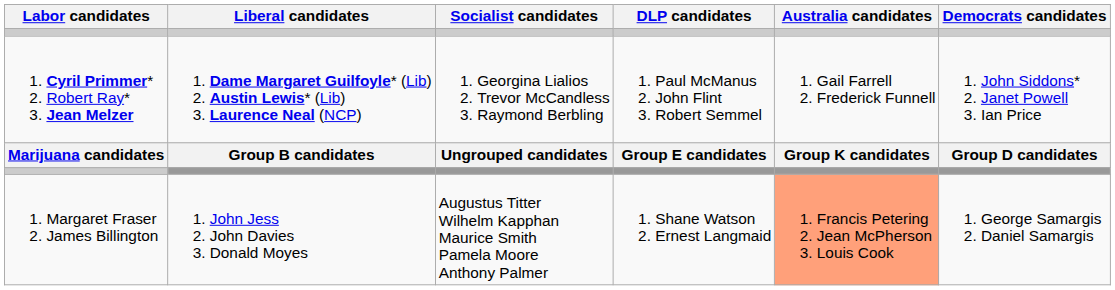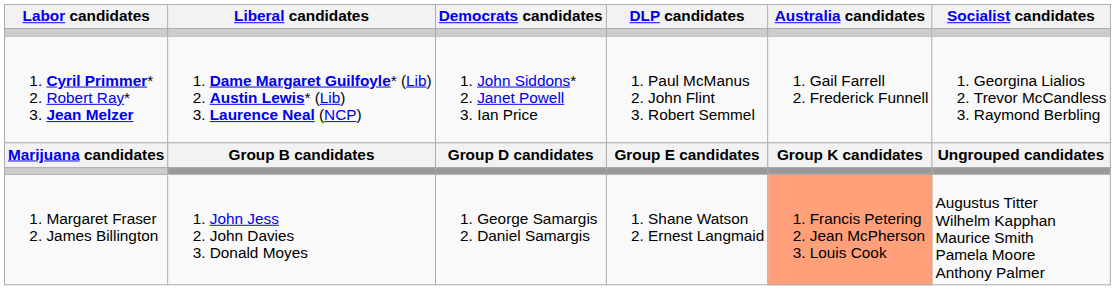 <table class="wikitable">
 <tr>
 <th><a href='#'>Labor</a> candidates</th>
 <th><a href='#'>Liberal</a> candidates</th>
-<th><a href='#'>Socialist</a> candidates</th>
+<th><a href='#'>Democrats</a> candidates</th>
 <th><a href='#'>DLP</a> candidates</th>
 <th><a href='#'>Australia</a> candidates</th>
-<th><a href='#'>Democrats</a> candidates</th>
+<th><a href='#'>Socialist</a> candidates</th>
 </tr>
 <tr bgcolor="#cccccc">
 <td></td>
 <td></td>
 <td></td>
 <td></td>
 <td></td>
 <td></td>
 </tr>
 <tr>
 <td><br><ol><li><strong><a href='#'>Cyril Primmer</a></strong>*</li><li><a href='#'>Robert Ray</a>*</li><li><strong><a href='#'>Jean Melzer</a></strong></li></ol></td>
 <td><br><ol><li><strong><a href='#'>Dame Margaret Guilfoyle</a></strong>* (<a href='#'>Lib</a>)</li><li><strong><a href='#'>Austin Lewis</a></strong>* (<a href='#'>Lib</a>)</li><li><strong><a href='#'>Laurence Neal</a></strong> (<a href='#'>NCP</a>)</li></ol></td>
-<td valign=top><br><ol><li>Georgina Lialios</li><li>Trevor McCandless</li><li>Raymond Berbling</li></ol></td>
+<td><br><ol><li><a href='#'>John Siddons</a>*</li><li><a href='#'>Janet Powell</a></li><li>Ian Price</li></ol></td>
 <td valign=top><br><ol><li>Paul McManus</li><li>John Flint</li><li>Robert Semmel</li></ol></td>
 <td valign=top><br><ol><li>Gail Farrell</li><li>Frederick Funnell</li></ol></td>
-<td><br><ol><li><a href='#'>John Siddons</a>*</li><li><a href='#'>Janet Powell</a></li><li>Ian Price</li></ol></td>
+<td valign=top><br><ol><li>Georgina Lialios</li><li>Trevor McCandless</li><li>Raymond Berbling</li></ol></td>
 </tr>
 <tr bgcolor="#cccccc">
 <th><a href='#'>Marijuana</a> candidates</th>
 <th>Group B candidates</th>
-<th>Ungrouped candidates</th>
+<th>Group D candidates</th>
 <th>Group E candidates</th>
 <th>Group K candidates</th>
-<th>Group D candidates</th>
+<th>Ungrouped candidates</th>
 </tr>
 <tr bgcolor="#cccccc">
 <td></td>
 <td bgcolor="#999999"></td>
 <td bgcolor="#999999"></td>
 <td bgcolor="#999999"></td>
 <td bgcolor="#999999"></td>
 <td bgcolor="#999999"></td>
 </tr>
 <tr>
 <td valign=top><br><ol><li>Margaret Fraser</li><li>James Billington</li></ol></td>
 <td valign=top><br><ol><li><a href='#'>John Jess</a></li><li>John Davies</li><li>Donald Moyes</li></ol></td>
-<td valign=top><br>Augustus Titter<br> Wilhelm Kapphan<br> Maurice Smith<br> Pamela Moore<br> Anthony Palmer</td>
+<td valign=top><br><ol><li>George Samargis</li><li>Daniel Samargis</li></ol></td>
 <td valign=top><br><ol><li>Shane Watson</li><li>Ernest Langmaid</li></ol></td>
 <td valign=top style="background: lightsalmon;"><br><ol><li>Francis Petering</li><li>Jean McPherson</li><li>Louis Cook</li></ol></td>
-<td valign=top><br><ol><li>George Samargis</li><li>Daniel Samargis</li></ol></td>
+<td valign=top><br>Augustus Titter<br> Wilhelm Kapphan<br> Maurice Smith<br> Pamela Moore<br> Anthony Palmer</td>
 </tr>
 </table>
